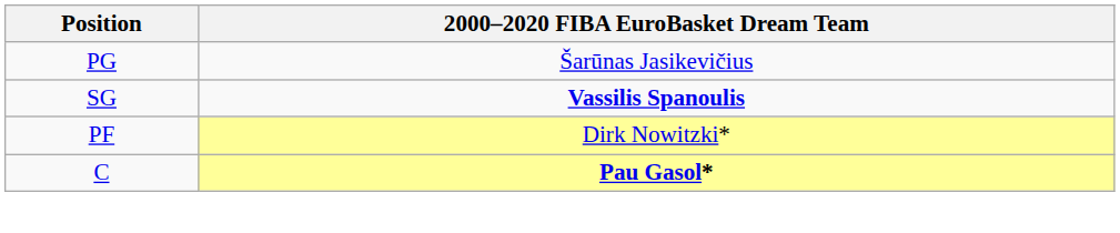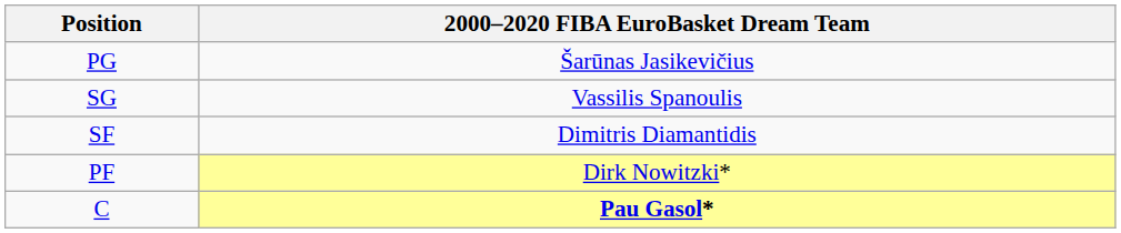 <table class="wikitable" style="text-align:center; width: 60%">
 <tr>
 <th>Position</th>
 <th>2000–2020 FIBA EuroBasket Dream Team</th>
 </tr>
 <tr>
 <td><a href='#'>PG</a></td>
 <td> <a href='#'>Šarūnas Jasikevičius</a></td>
 </tr>
 <tr>
 <td><a href='#'>SG</a></td>
-<td><strong> <a href='#'>Vassilis Spanoulis</a></strong></td>
+<td> <a href='#'>Vassilis Spanoulis</a></td>
+</tr>
+<tr>
+<td><a href='#'>SF</a></td>
+<td> <a href='#'>Dimitris Diamantidis</a></td>
 </tr>
 <tr>
 <td><a href='#'>PF</a></td>
 <td scope="row" style="background-color:#FFFF99; align=left"> <a href='#'>Dirk Nowitzki</a>*</td>
 </tr>
 <tr>
 <td><a href='#'>C</a></td>
 <td scope="row" style="background-color:#FFFF99; align=left"><strong> <a href='#'>Pau Gasol</a>*</strong></td>
 </tr>
 </table>
